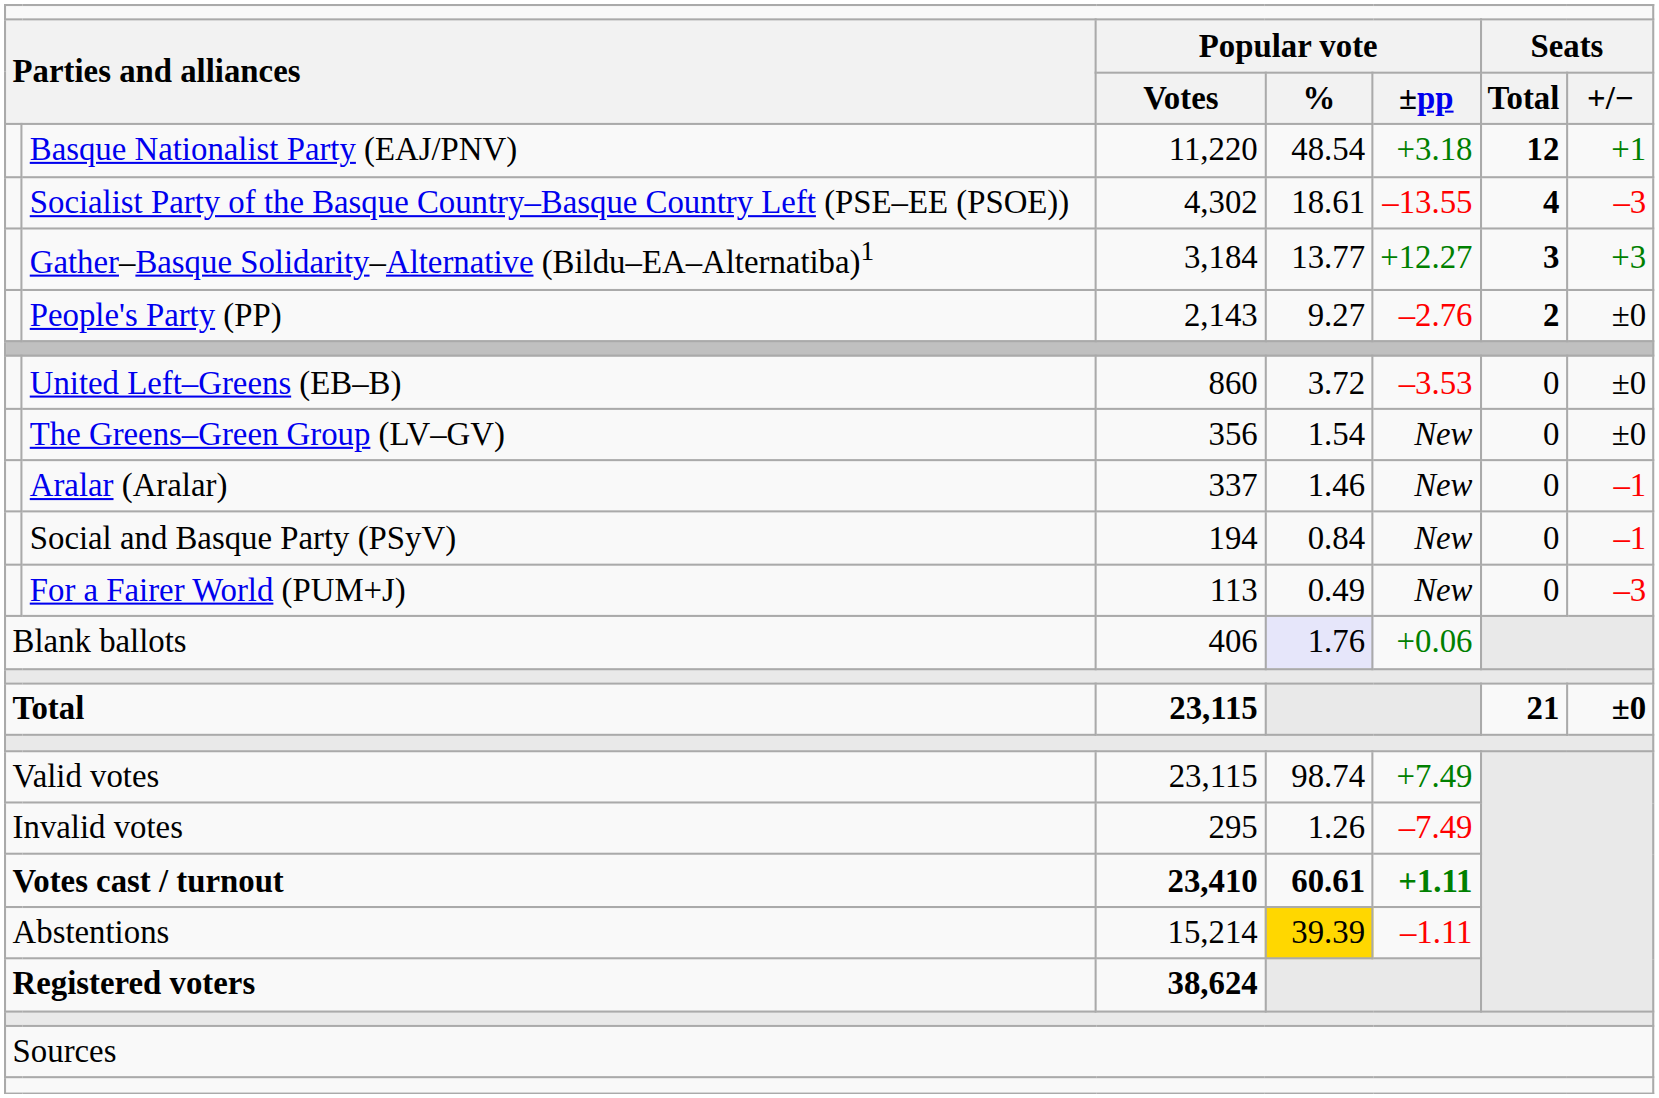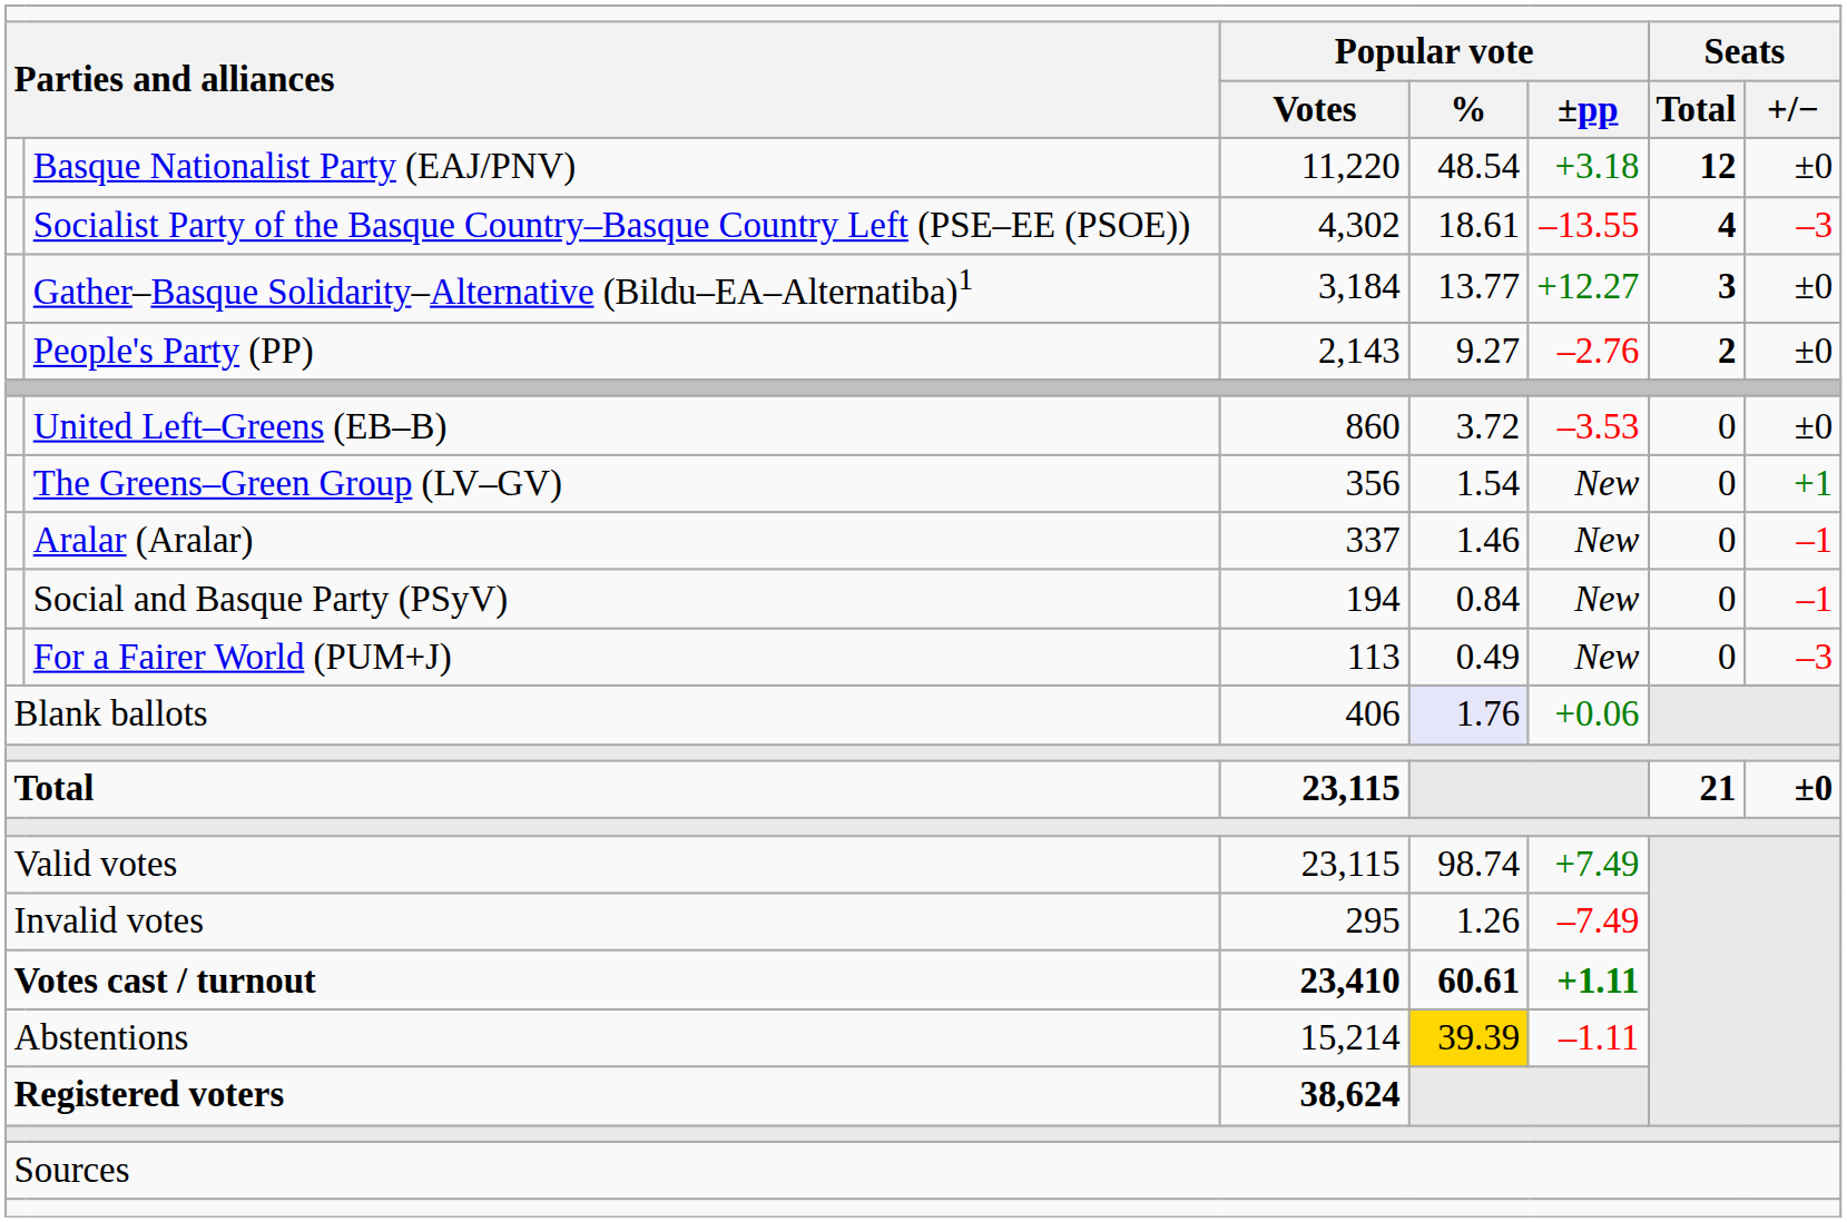 <table class="wikitable" style="text-align:right;">
 <tr>
 <td colspan="7"></td>
 </tr>
 <tr>
 <th style="text-align:left;" rowspan="2" colspan="2" width="525">Parties and alliances</th>
 <th colspan="3">Popular vote</th>
 <th colspan="2">Seats</th>
 </tr>
 <tr>
 <th width="75">Votes</th>
 <th width="45">%</th>
 <th width="45">±<a href='#'>pp</a></th>
 <th width="35">Total</th>
 <th width="35">+/−</th>
 </tr>
 <tr>
 <td width="1" style="color:inherit;background:"></td>
 <td align="left"><a href='#'>Basque Nationalist Party</a> (EAJ/PNV)</td>
 <td>11,220</td>
 <td>48.54</td>
 <td style="color:green;">+3.18</td>
 <td><strong>12</strong></td>
-<td style="color:green;">+1</td>
+<td>±0</td>
 </tr>
 <tr>
 <td style="color:inherit;background:"></td>
 <td align="left"><a href='#'>Socialist Party of the Basque Country–Basque Country Left</a> (PSE–EE (PSOE))</td>
 <td>4,302</td>
 <td>18.61</td>
 <td style="color:red;">–13.55</td>
 <td><strong>4</strong></td>
 <td style="color:red;">–3</td>
 </tr>
 <tr>
 <td style="color:inherit;background:"></td>
 <td align="left"><a href='#'>Gather</a>–<a href='#'>Basque Solidarity</a>–<a href='#'>Alternative</a> (Bildu–EA–Alternatiba)<sup>1</sup></td>
 <td>3,184</td>
 <td>13.77</td>
 <td style="color:green;">+12.27</td>
 <td><strong>3</strong></td>
-<td style="color:green;">+3</td>
+<td>±0</td>
 </tr>
 <tr>
 <td style="color:inherit;background:"></td>
 <td align="left"><a href='#'>People's Party</a> (PP)</td>
 <td>2,143</td>
 <td>9.27</td>
 <td style="color:red;">–2.76</td>
 <td><strong>2</strong></td>
 <td>±0</td>
 </tr>
 <tr>
 <td colspan="7" bgcolor="#C0C0C0"></td>
 </tr>
 <tr>
 <td style="color:inherit;background:"></td>
 <td align="left"><a href='#'>United Left–Greens</a> (EB–B)</td>
 <td>860</td>
 <td>3.72</td>
 <td style="color:red;">–3.53</td>
 <td>0</td>
 <td>±0</td>
 </tr>
 <tr>
 <td style="color:inherit;background:"></td>
 <td align="left"><a href='#'>The Greens–Green Group</a> (LV–GV)</td>
 <td>356</td>
 <td>1.54</td>
 <td><em>New</em></td>
 <td>0</td>
-<td>±0</td>
+<td style="color:green;">+1</td>
 </tr>
 <tr>
 <td style="color:inherit;background:"></td>
 <td align="left"><a href='#'>Aralar</a> (Aralar)</td>
 <td>337</td>
 <td>1.46</td>
 <td><em>New</em></td>
 <td>0</td>
 <td style="color:red;">–1</td>
 </tr>
 <tr>
 <td style="color:inherit;background:"></td>
 <td align="left">Social and Basque Party (PSyV)</td>
 <td>194</td>
 <td>0.84</td>
 <td><em>New</em></td>
 <td>0</td>
 <td style="color:red;">–1</td>
 </tr>
 <tr>
 <td style="color:inherit;background:"></td>
 <td align="left"><a href='#'>For a Fairer World</a> (PUM+J)</td>
 <td>113</td>
 <td>0.49</td>
 <td><em>New</em></td>
 <td>0</td>
 <td style="color:red;">–3</td>
 </tr>
 <tr>
 <td align="left" colspan="2">Blank ballots</td>
 <td>406</td>
 <td style="background: lavender;">1.76</td>
 <td style="color:green;">+0.06</td>
 <td bgcolor="#E9E9E9" colspan="2"></td>
 </tr>
 <tr>
 <td colspan="7" bgcolor="#E9E9E9"></td>
 </tr>
 <tr style="font-weight:bold;">
 <td align="left" colspan="2">Total</td>
 <td>23,115</td>
 <td bgcolor="#E9E9E9" colspan="2"></td>
 <td>21</td>
 <td>±0</td>
 </tr>
 <tr>
 <td colspan="7" bgcolor="#E9E9E9"></td>
 </tr>
 <tr>
 <td align="left" colspan="2">Valid votes</td>
 <td>23,115</td>
 <td>98.74</td>
 <td style="color:green;">+7.49</td>
 <td bgcolor="#E9E9E9" colspan="2" rowspan="5"></td>
 </tr>
 <tr>
 <td align="left" colspan="2">Invalid votes</td>
 <td>295</td>
 <td>1.26</td>
 <td style="color:red;">–7.49</td>
 </tr>
 <tr style="font-weight:bold;">
 <td align="left" colspan="2">Votes cast / turnout</td>
 <td>23,410</td>
 <td>60.61</td>
 <td style="color:green;">+1.11</td>
 </tr>
 <tr>
 <td align="left" colspan="2">Abstentions</td>
 <td>15,214</td>
 <td style="background: gold;">39.39</td>
 <td style="color:red;">–1.11</td>
 </tr>
 <tr style="font-weight:bold;">
 <td align="left" colspan="2">Registered voters</td>
 <td>38,624</td>
 <td bgcolor="#E9E9E9" colspan="2"></td>
 </tr>
 <tr>
 <td colspan="7" bgcolor="#E9E9E9"></td>
 </tr>
 <tr>
 <td align="left" colspan="7">Sources</td>
 </tr>
 <tr>
 <td colspan="7" style="text-align:left; max-width:790px;"></td>
 </tr>
 </table>
